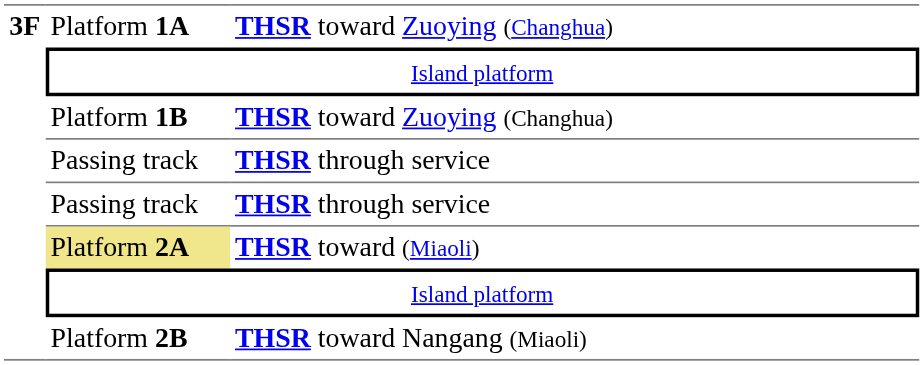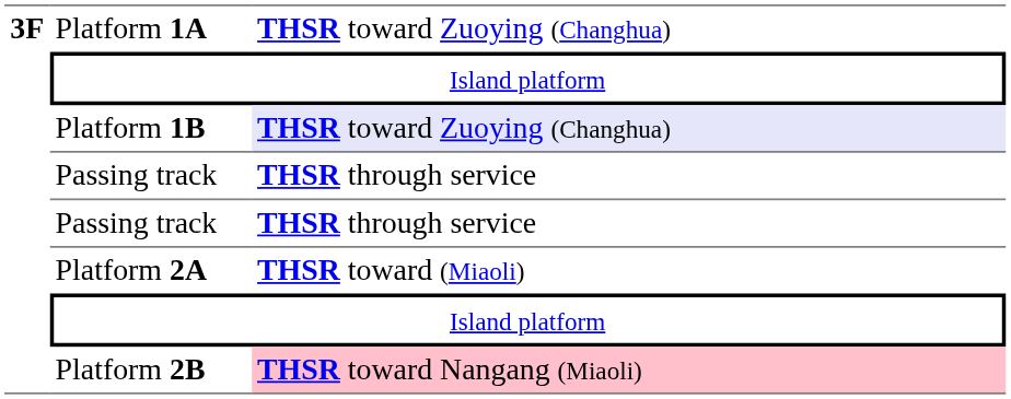 <table border=0 cellspacing=0 cellpadding=3>
 <tr>
 <td style="border-bottom:solid 1px gray;border-top:solid 1px gray;" rowspan=38 valign=top><strong>3F</strong></td>
 <td style="border-top:solid 1px gray;" width=100>Platform <span><strong>1A</strong></span></td>
 <td style="border-top:solid 1px gray;" width=390><strong><a href='#'><span>THSR</span></a></strong> toward <a href='#'>Zuoying</a> <small>(<a href='#'>Changhua</a>)</small></td>
 </tr>
 <tr>
 <td style="border-top:solid 2px black;border-right:solid 2px black;border-left:solid 2px black;border-bottom:solid 2px black;text-align:center;" colspan=2><small><a href='#'>Island platform</a></small></td>
 </tr>
 <tr>
 <td style="border-bottom:solid 1px gray;">Platform <span><strong>1B</strong></span></td>
-<td style="border-bottom:solid 1px gray;"><strong><a href='#'><span>THSR</span></a></strong> toward <a href='#'>Zuoying</a> <small>(Changhua)</small></td>
+<td style="background: lavender; border-bottom:solid 1px gray;"><strong><a href='#'><span>THSR</span></a></strong> toward <a href='#'>Zuoying</a> <small>(Changhua)</small></td>
 </tr>
 <tr>
 <td style="border-bottom:solid 1px gray;">Passing track</td>
 <td style="border-bottom:solid 1px gray;"><strong><a href='#'><span>THSR</span></a></strong>  through service</td>
 </tr>
 <tr>
 <td style="border-bottom:solid 1px gray;">Passing track</td>
 <td style="border-bottom:solid 1px gray;"><strong><a href='#'><span>THSR</span></a></strong> through service</td>
 </tr>
 <tr>
-<td style="background: khaki; border-top:solid 0px gray;" width=100>Platform <span><strong>2A</strong></span></td>
+<td style="border-top:solid 0px gray;" width=100>Platform <span><strong>2A</strong></span></td>
 <td style="border-top:solid 0px gray;" width=390><strong><a href='#'><span>THSR</span></a></strong> toward  <small>(<a href='#'>Miaoli</a>)</small></td>
 </tr>
 <tr>
 <td style="border-top:solid 2px black;border-right:solid 2px black;border-left:solid 2px black;border-bottom:solid 2px black;text-align:center;" colspan=2><small><a href='#'>Island platform</a></small></td>
 </tr>
 <tr>
 <td style="border-bottom:solid 1px gray;">Platform <span><strong>2B</strong></span></td>
-<td style="border-bottom:solid 1px gray;"><strong><a href='#'><span>THSR</span></a></strong> toward Nangang <small>(Miaoli)</small></td>
+<td style="background: pink; border-bottom:solid 1px gray;"><strong><a href='#'><span>THSR</span></a></strong> toward Nangang <small>(Miaoli)</small></td>
 </tr>
 </table>
